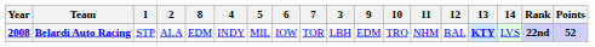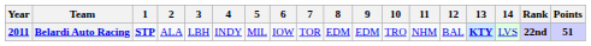 <table class="wikitable" style="text-align:center; font-size:90%">
 <tr>
 <th>Year</th>
 <th>Team</th>
 <th>1</th>
 <th>2</th>
-<th>8</th>
+<th>3</th>
 <th>4</th>
 <th>5</th>
 <th>6</th>
 <th>7</th>
-<th>3</th>
+<th>8</th>
 <th>9</th>
 <th>10</th>
 <th>11</th>
 <th>12</th>
 <th>13</th>
 <th>14</th>
 <th>Rank</th>
 <th>Points</th>
 </tr>
 <tr>
-<th><a href='#'>2008</a></th>
+<th><a href='#'>2011</a></th>
 <th><a href='#'>Belardi Auto Racing</a></th>
-<td style="background"><a href='#'>STP</a></td>
+<td style="background"><strong><a href='#'>STP</a></strong></td>
 <td style="background"><a href='#'>ALA</a></td>
-<td style="background"><a href='#'>EDM</a></td>
+<td style="background"><a href='#'>LBH</a></td>
 <td style="background"><a href='#'>INDY</a></td>
 <td style="background"><a href='#'>MIL</a></td>
 <td style="background"><a href='#'>IOW</a></td>
 <td style="background"><a href='#'>TOR</a></td>
-<td style="background"><a href='#'>LBH</a></td>
+<td style="background"><a href='#'>EDM</a></td>
 <td style="background"><a href='#'>EDM</a></td>
 <td style="background"><a href='#'>TRO</a></td>
 <td style="background"><a href='#'>NHM</a></td>
 <td style="background"><a href='#'>BAL</a></td>
 <td style="background:#CFEAFF;"><strong><a href='#'>KTY</a><br></strong></td>
 <td style="background:#DFFFDF;"><a href='#'>LVS</a><br></td>
 <th style="background:#CFCFFF;">22nd</th>
-<th style="background:#CFCFFF;">52</th>
+<th style="background:#CFCFFF;">51</th>
 </tr>
 </table>
